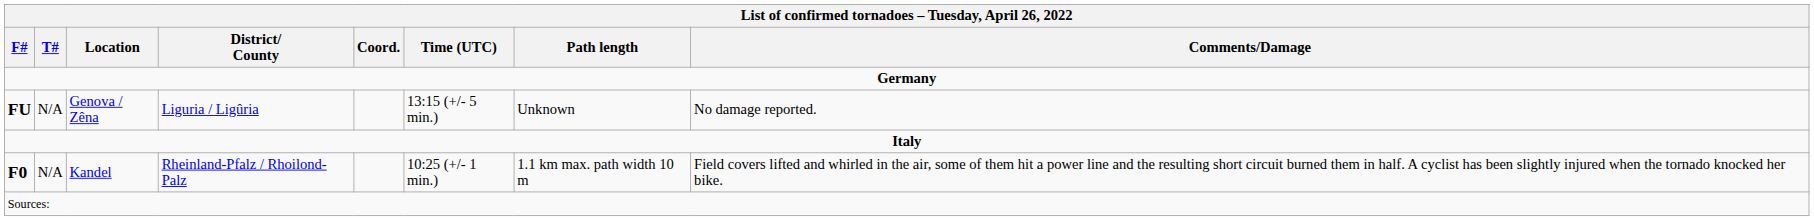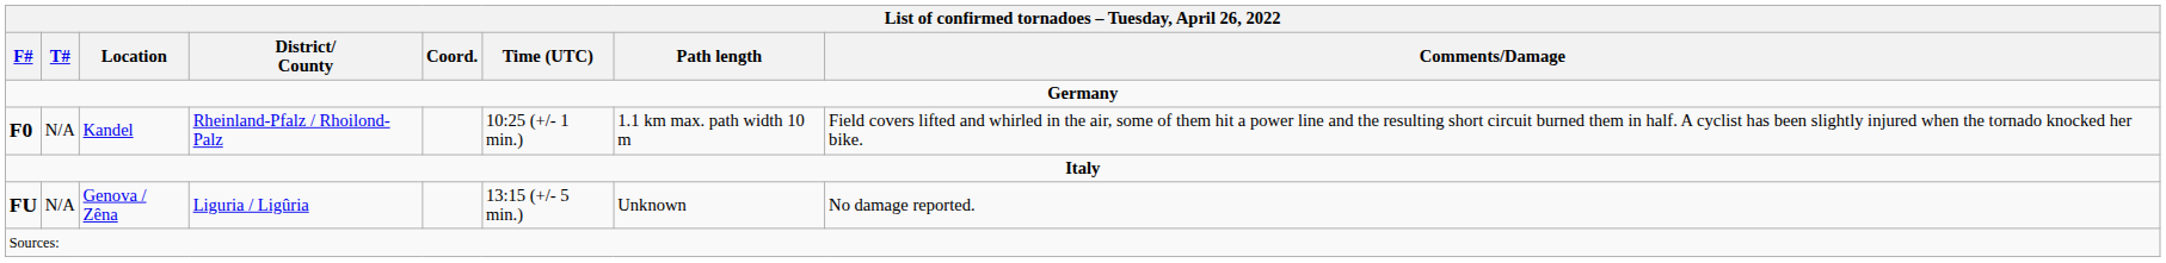 <table class="wikitable collapsible" width="100%">
 <tr>
 <th colspan="8">List of confirmed tornadoes – Tuesday, April 26, 2022</th>
 </tr>
 <tr>
 <th><a href='#'>F#</a></th>
 <th><a href='#'>T#</a></th>
 <th>Location</th>
 <th>District/<br>County</th>
 <th>Coord.</th>
 <th>Time (UTC)</th>
 <th>Path length</th>
 <th>Comments/Damage</th>
 </tr>
 <tr>
 <td colspan="8" align=center><strong>Germany</strong></td>
 </tr>
 <tr>
+<td><big><strong>F0</strong></big></td>
+<td>N/A</td>
+<td><a href='#'>Kandel</a></td>
+<td><a href='#'>Rheinland-Pfalz / Rhoilond-Palz</a></td>
+<td></td>
+<td>10:25 (+/- 1 min.)</td>
+<td>1.1 km max. path width 10 m</td>
+<td>Field covers lifted and whirled in the air, some of them hit a power line and the resulting short circuit burned them in half. A cyclist has been slightly injured when the tornado knocked her bike.</td>
+</tr>
+<tr>
+<td colspan="8" align=center><strong>Italy</strong></td>
+</tr>
+<tr>
 <td><big><strong>FU</strong></big></td>
 <td>N/A</td>
 <td><a href='#'>Genova / Zêna</a></td>
 <td><a href='#'>Liguria / Ligûria</a></td>
 <td></td>
 <td>13:15 (+/- 5 min.)</td>
 <td>Unknown</td>
 <td>No damage reported.</td>
 </tr>
 <tr>
-<td colspan="8" align=center><strong>Italy</strong></td>
-</tr>
-<tr>
-<td><big><strong>F0</strong></big></td>
-<td>N/A</td>
-<td><a href='#'>Kandel</a></td>
-<td><a href='#'>Rheinland-Pfalz / Rhoilond-Palz</a></td>
-<td></td>
-<td>10:25 (+/- 1 min.)</td>
-<td>1.1 km max. path width 10 m</td>
-<td>Field covers lifted and whirled in the air, some of them hit a power line and the resulting short circuit burned them in half. A cyclist has been slightly injured when the tornado knocked her bike.</td>
-</tr>
-<tr>
 <td colspan="8"><small>Sources:  </small></td>
 </tr>
 </table>
